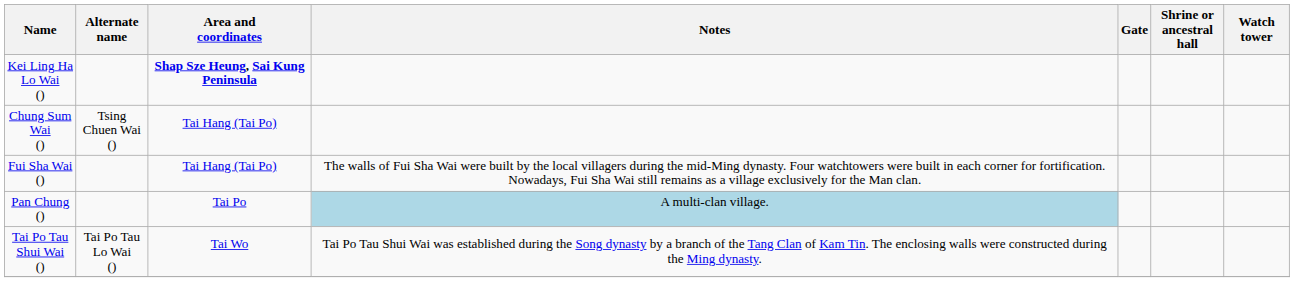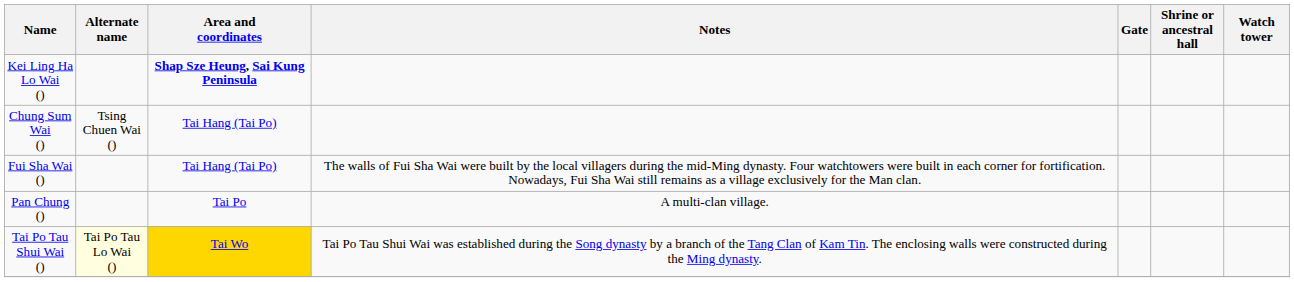 <table class="wikitable sortable" style="text-align:center" style="width:95%">
 <tr>
 <th style="width:80px;">Name</th>
 <th style="width:80px;">Alternate name</th>
 <th>Area and<br><a href='#'>coordinates</a></th>
 <th>Notes</th>
 <th>Gate</th>
 <th>Shrine or<br>ancestral hall</th>
 <th>Watch tower</th>
 </tr>
 <tr>
 <td style="text-align:center"><a href='#'>Kei Ling Ha Lo Wai</a><br>()</td>
 <td></td>
 <td style="text-align:center"><strong><a href='#'>Shap Sze Heung</a>, <a href='#'>Sai Kung Peninsula</a><br><br></strong></td>
 <td></td>
 <td></td>
 <td></td>
 <td></td>
 </tr>
 <tr>
 <td style="text-align:center"><a href='#'>Chung Sum Wai</a><br>()</td>
 <td style="text-align:center">Tsing Chuen Wai<br>()</td>
 <td style="text-align:center"><a href='#'>Tai Hang (Tai Po)</a><br><br></td>
 <td></td>
 <td></td>
 <td></td>
 <td></td>
 </tr>
 <tr>
 <td style="text-align:center"><a href='#'>Fui Sha Wai</a><br>()</td>
 <td></td>
 <td style="text-align:center"><a href='#'>Tai Hang (Tai Po)</a><br><br></td>
 <td>The walls of Fui Sha Wai were built by the local villagers during the mid-Ming dynasty. Four watchtowers were built in each corner for fortification. Nowadays, Fui Sha Wai still remains as a village exclusively for the Man clan.</td>
 <td></td>
 <td></td>
 <td></td>
 </tr>
 <tr>
 <td style="text-align:center"><a href='#'>Pan Chung</a><br>()</td>
 <td></td>
 <td style="text-align:center"><a href='#'>Tai Po</a><br><br></td>
-<td style="background: lightblue;">A multi-clan village.<br><br>  </td>
+<td>A multi-clan village.<br><br>  </td>
 <td></td>
 <td></td>
 <td></td>
 </tr>
 <tr>
 <td style="text-align:center"><a href='#'>Tai Po Tau Shui Wai</a><br>()</td>
-<td style="text-align:center">Tai Po Tau Lo Wai<br>()</td>
-<td style="text-align:center"><a href='#'>Tai Wo</a><br><br></td>
+<td style="background: lightyellow; text-align:center">Tai Po Tau Lo Wai<br>()</td>
+<td style="background: gold; text-align:center"><a href='#'>Tai Wo</a><br><br></td>
 <td>Tai Po Tau Shui Wai was established during the <a href='#'>Song dynasty</a> by a branch of the <a href='#'>Tang Clan</a> of <a href='#'>Kam Tin</a>. The enclosing walls were constructed during the <a href='#'>Ming dynasty</a>.</td>
 <td></td>
 <td></td>
 <td></td>
 </tr>
 <tr>
 </tr>
 </table>
